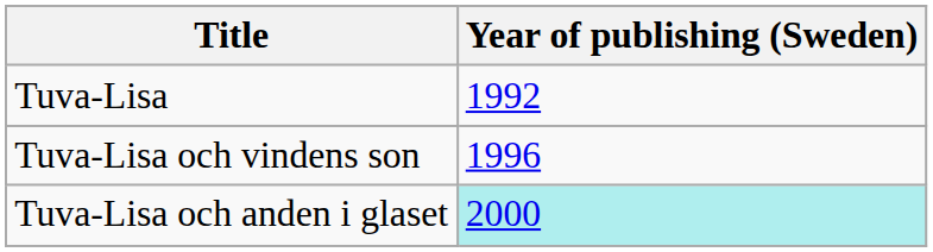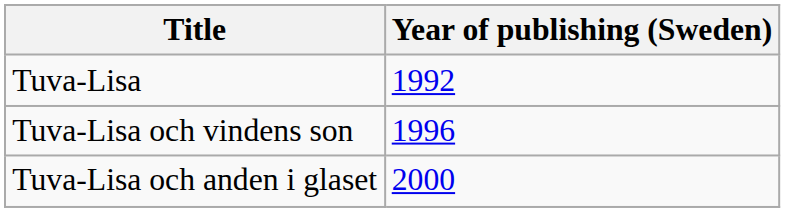 <table class=wikitable>
 <tr>
 <th>Title</th>
 <th>Year of publishing (Sweden)</th>
 </tr>
 <tr>
 <td>Tuva-Lisa</td>
 <td><a href='#'>1992</a></td>
 </tr>
 <tr>
 <td>Tuva-Lisa och vindens son</td>
 <td><a href='#'>1996</a></td>
 </tr>
 <tr>
 <td>Tuva-Lisa och anden i glaset</td>
-<td style="background: paleturquoise;"><a href='#'>2000</a></td>
+<td><a href='#'>2000</a></td>
 </tr>
 </table>
